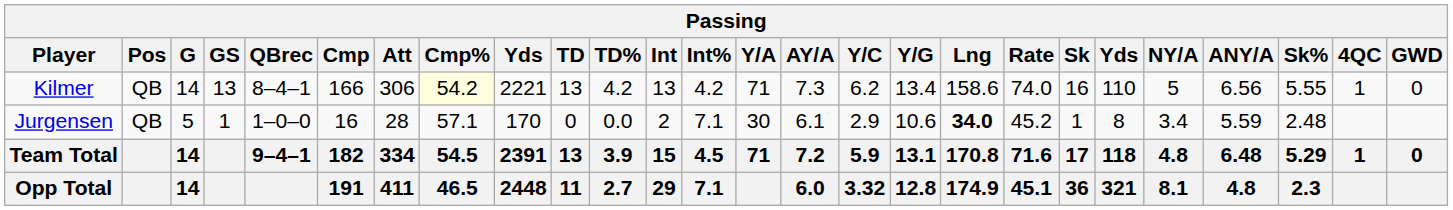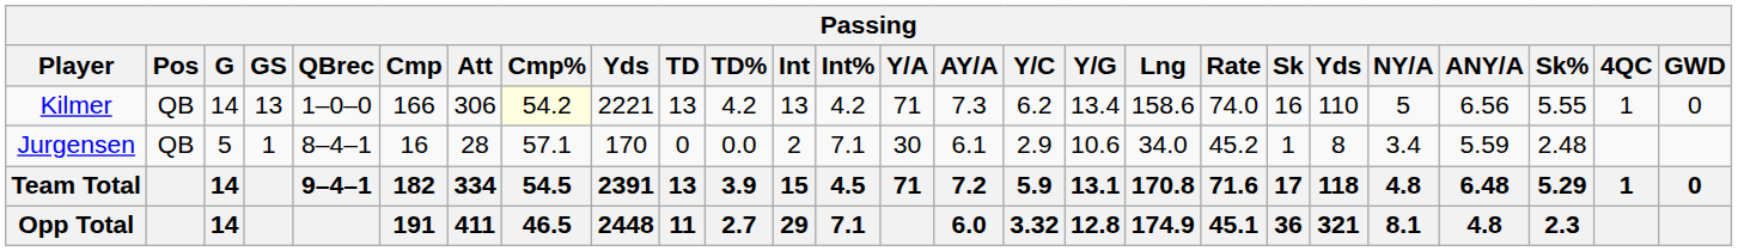 <table class="wikitable" style="text-align:center">
 <tr>
 <th colspan="26">Passing</th>
 </tr>
 <tr>
 <th>Player</th>
 <th>Pos</th>
 <th>G</th>
 <th>GS</th>
 <th>QBrec</th>
 <th>Cmp</th>
 <th>Att</th>
 <th>Cmp%</th>
 <th>Yds</th>
 <th>TD</th>
 <th>TD%</th>
 <th>Int</th>
 <th>Int%</th>
 <th>Y/A</th>
 <th>AY/A</th>
 <th>Y/C</th>
 <th>Y/G</th>
 <th>Lng</th>
 <th>Rate</th>
 <th>Sk</th>
 <th>Yds</th>
 <th>NY/A</th>
 <th>ANY/A</th>
 <th>Sk%</th>
 <th>4QC</th>
 <th>GWD</th>
 </tr>
 <tr>
 <td><a href='#'>Kilmer</a></td>
 <td>QB</td>
 <td>14</td>
 <td>13</td>
-<td>8–4–1</td>
+<td>1–0–0</td>
 <td>166</td>
 <td>306</td>
 <td style="background: lightyellow;">54.2</td>
 <td>2221</td>
 <td>13</td>
 <td>4.2</td>
 <td>13</td>
 <td>4.2</td>
 <td>71</td>
 <td>7.3</td>
 <td>6.2</td>
 <td>13.4</td>
 <td>158.6</td>
 <td>74.0</td>
 <td>16</td>
 <td>110</td>
 <td>5</td>
 <td>6.56</td>
 <td>5.55</td>
 <td>1</td>
 <td>0</td>
 </tr>
 <tr>
 <td><a href='#'>Jurgensen</a></td>
 <td>QB</td>
 <td>5</td>
 <td>1</td>
-<td>1–0–0</td>
+<td>8–4–1</td>
 <td>16</td>
 <td>28</td>
 <td>57.1</td>
 <td>170</td>
 <td>0</td>
 <td>0.0</td>
 <td>2</td>
 <td>7.1</td>
 <td>30</td>
 <td>6.1</td>
 <td>2.9</td>
 <td>10.6</td>
-<td><strong>34.0</strong></td>
+<td>34.0</td>
 <td>45.2</td>
 <td>1</td>
 <td>8</td>
 <td>3.4</td>
 <td>5.59</td>
 <td>2.48</td>
 <td></td>
 <td></td>
 </tr>
 <tr>
 <th>Team Total</th>
 <th></th>
 <th>14</th>
 <th></th>
 <th>9–4–1</th>
 <th>182</th>
 <th>334</th>
 <th>54.5</th>
 <th>2391</th>
 <th>13</th>
 <th>3.9</th>
 <th>15</th>
 <th>4.5</th>
 <th>71</th>
 <th>7.2</th>
 <th>5.9</th>
 <th>13.1</th>
 <th>170.8</th>
 <th>71.6</th>
 <th>17</th>
 <th>118</th>
 <th>4.8</th>
 <th>6.48</th>
 <th>5.29</th>
 <th>1</th>
 <th>0</th>
 </tr>
 <tr>
 <th>Opp Total</th>
 <th></th>
 <th>14</th>
 <th></th>
 <th></th>
 <th>191</th>
 <th>411</th>
 <th>46.5</th>
 <th>2448</th>
 <th>11</th>
 <th>2.7</th>
 <th>29</th>
 <th>7.1</th>
 <th></th>
 <th>6.0</th>
 <th>3.32</th>
 <th>12.8</th>
 <th>174.9</th>
 <th>45.1</th>
 <th>36</th>
 <th>321</th>
 <th>8.1</th>
 <th>4.8</th>
 <th>2.3</th>
 <th></th>
 <th></th>
 </tr>
 </table>
